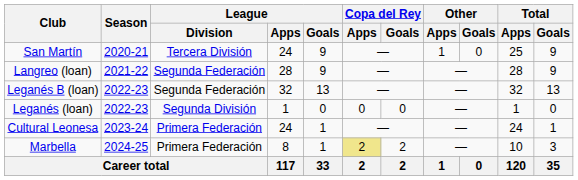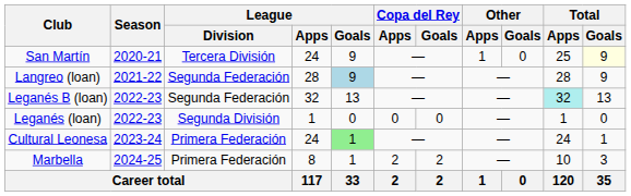 <table class="wikitable" style="text-align:center">
 <tr>
 <th rowspan="2">Club</th>
 <th rowspan="2">Season</th>
 <th colspan="3">League</th>
 <th colspan="2"><a href='#'>Copa del Rey</a></th>
 <th colspan="2">Other</th>
 <th colspan="2">Total</th>
 </tr>
 <tr>
 <th>Division</th>
 <th>Apps</th>
 <th>Goals</th>
 <th>Apps</th>
 <th>Goals</th>
 <th>Apps</th>
 <th>Goals</th>
 <th>Apps</th>
 <th>Goals</th>
 </tr>
 <tr>
 <td><a href='#'>San Martín</a></td>
 <td><a href='#'>2020-21</a></td>
 <td><a href='#'>Tercera División</a></td>
 <td>24</td>
 <td>9</td>
 <td colspan="2">—</td>
 <td>1</td>
 <td>0</td>
 <td>25</td>
-<td>9</td>
+<td style="background: lightyellow;">9</td>
 </tr>
 <tr>
 <td><a href='#'>Langreo</a> (loan)</td>
 <td><a href='#'>2021-22</a></td>
 <td><a href='#'>Segunda Federación</a></td>
 <td>28</td>
-<td>9</td>
+<td style="background: lightblue;">9</td>
 <td colspan="2">—</td>
 <td colspan="2">—</td>
 <td>28</td>
 <td>9</td>
 </tr>
 <tr>
 <td><a href='#'>Leganés B</a> (loan)</td>
 <td><a href='#'>2022-23</a></td>
 <td>Segunda Federación</td>
 <td>32</td>
 <td>13</td>
 <td colspan="2">—</td>
 <td colspan="2">—</td>
-<td>32</td>
+<td style="background: paleturquoise;">32</td>
 <td>13</td>
 </tr>
 <tr>
 <td><a href='#'>Leganés</a> (loan)</td>
 <td><a href='#'>2022-23</a></td>
 <td><a href='#'>Segunda División</a></td>
 <td>1</td>
 <td>0</td>
 <td>0</td>
 <td>0</td>
 <td colspan="2">—</td>
 <td>1</td>
 <td>0</td>
 </tr>
 <tr>
 <td><a href='#'>Cultural Leonesa</a></td>
 <td><a href='#'>2023-24</a></td>
 <td><a href='#'>Primera Federación</a></td>
 <td>24</td>
-<td>1</td>
+<td style="background: lightgreen;">1</td>
 <td colspan="2">—</td>
 <td colspan="2">—</td>
 <td>24</td>
 <td>1</td>
 </tr>
 <tr>
 <td><a href='#'>Marbella</a></td>
 <td><a href='#'>2024-25</a></td>
 <td>Primera Federación</td>
 <td>8</td>
 <td>1</td>
-<td style="background: khaki;">2</td>
+<td>2</td>
 <td>2</td>
 <td colspan="2">—</td>
 <td>10</td>
 <td>3</td>
 </tr>
 <tr>
 <th colspan="3">Career total</th>
 <th>117</th>
 <th>33</th>
 <th>2</th>
 <th>2</th>
 <th>1</th>
 <th>0</th>
 <th>120</th>
 <th>35</th>
 </tr>
 </table>
